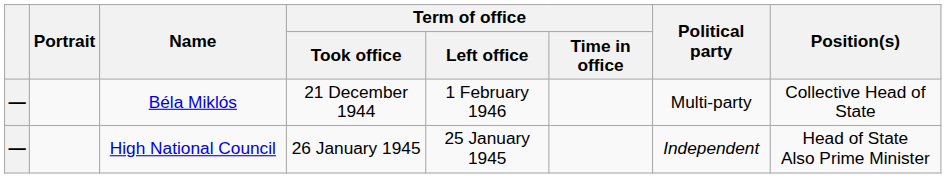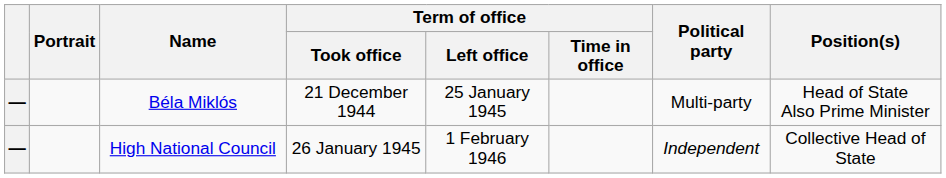 <table class="wikitable" style="text-align:center;">
 <tr>
 <th rowspan=2></th>
 <th rowspan=2>Portrait</th>
 <th width=20% rowspan=2>Name<br></th>
 <th colspan=3>Term of office</th>
 <th rowspan=2>Political party</th>
 <th rowspan=2>Position(s)</th>
 </tr>
 <tr>
 <th>Took office</th>
 <th>Left office</th>
 <th>Time in office</th>
 </tr>
 <tr>
 <th style="background:">—</th>
 <td></td>
 <td><a href='#'>Béla Miklós</a><br></td>
 <td>21 December 1944</td>
-<td>1 February 1946</td>
+<td>25 January 1945</td>
 <td></td>
 <td>Multi-party</td>
-<td>Collective Head of State<br></td>
+<td>Head of State<br>Also Prime Minister<br></td>
 </tr>
 <tr>
 <th>—</th>
 <td></td>
 <td><a href='#'>High National Council</a></td>
 <td>26 January 1945</td>
-<td>25 January 1945</td>
+<td>1 February 1946</td>
 <td></td>
 <td><em>Independent</em></td>
-<td>Head of State<br>Also Prime Minister<br></td>
+<td>Collective Head of State<br></td>
 </tr>
 </table>
